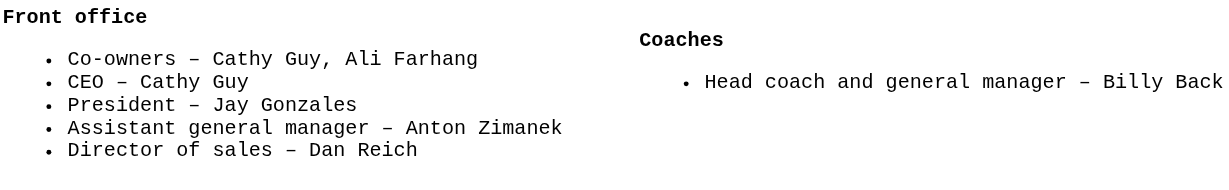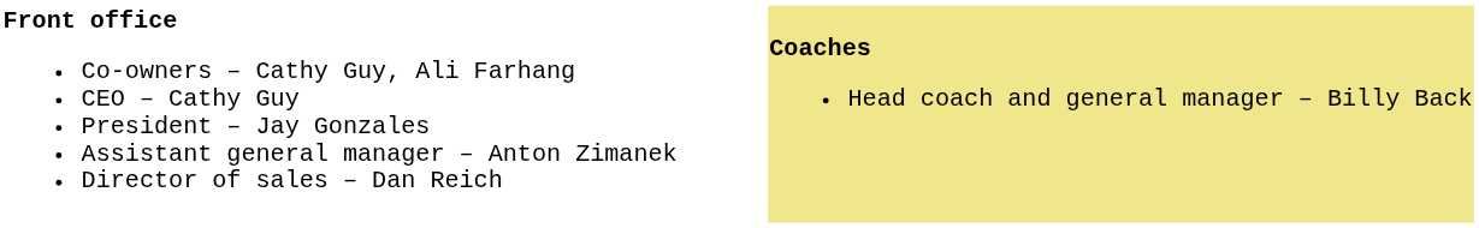 <table class="toccolours" style="text-align: left;">
 <tr>
 <td colspan=7 align="right"></td>
 </tr>
 <tr>
 <td valign="top"></td>
 <td style="font-size: 95%;" valign="top"><strong>Front office</strong><br><ul><li>Co-owners – Cathy Guy, Ali Farhang</li><li>CEO – Cathy Guy</li><li>President – Jay Gonzales</li><li>Assistant general manager – Anton Zimanek</li><li>Director of sales – Dan Reich</li></ul></td>
 <td width="35"> </td>
 <td valign="top"></td>
-<td style="font-size: 95%;" valign="top"><br><strong>Coaches</strong><ul><li>Head coach and general manager – Billy Back</li></ul></td>
+<td style="background: khaki; font-size: 95%;" valign="top"><br><strong>Coaches</strong><ul><li>Head coach and general manager – Billy Back</li></ul></td>
 </tr>
 </table>
